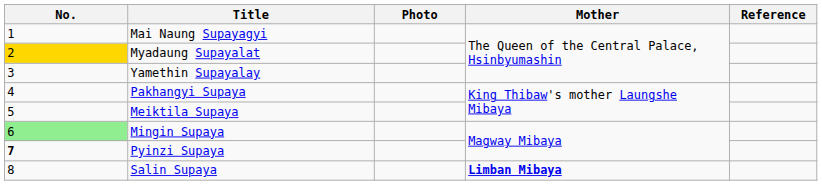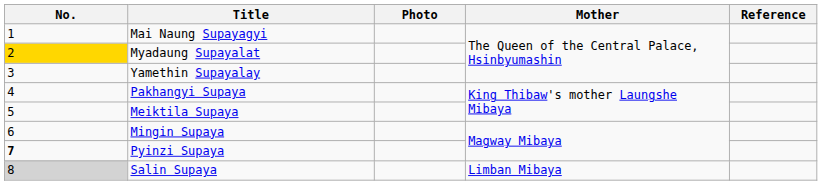 <table width=100% class="wikitable">
 <tr>
 <th width=5%>No.</th>
 <th width=10%>Title</th>
 <th width=3%>Photo</th>
 <th width=10%>Mother</th>
 <th width=1%>Reference</th>
 </tr>
 <tr>
 <td>1</td>
 <td>Mai Naung <a href='#'>Supayagyi</a></td>
 <td></td>
 <td rowspan="3">The Queen of the Central Palace, <a href='#'>Hsinbyumashin</a></td>
 <td></td>
 </tr>
 <tr>
 <td style="background: gold;">2</td>
 <td>Myadaung <a href='#'>Supayalat</a></td>
 <td></td>
 <td></td>
 </tr>
 <tr>
 <td>3</td>
 <td>Yamethin <a href='#'>Supayalay</a></td>
 <td></td>
 <td></td>
 </tr>
 <tr>
 <td>4</td>
 <td><a href='#'>Pakhangyi Supaya</a></td>
 <td></td>
 <td rowspan="2"><a href='#'>King Thibaw</a>'s mother <a href='#'>Laungshe Mibaya</a></td>
 <td></td>
 </tr>
 <tr>
 <td>5</td>
 <td><a href='#'>Meiktila Supaya</a></td>
 <td></td>
 <td></td>
 </tr>
 <tr>
-<td style="background: lightgreen;">6</td>
+<td>6</td>
 <td><a href='#'>Mingin Supaya</a></td>
 <td></td>
 <td rowspan="2"><a href='#'>Magway Mibaya</a></td>
 <td></td>
 </tr>
 <tr>
 <td><strong>7</strong></td>
 <td><a href='#'>Pyinzi Supaya</a></td>
 <td></td>
 <td></td>
 </tr>
 <tr>
-<td>8</td>
+<td style="background: lightgrey;">8</td>
 <td><a href='#'>Salin Supaya</a></td>
 <td></td>
-<td><strong><a href='#'>Limban Mibaya</a></strong></td>
+<td><a href='#'>Limban Mibaya</a></td>
 <td></td>
 </tr>
 </table>
